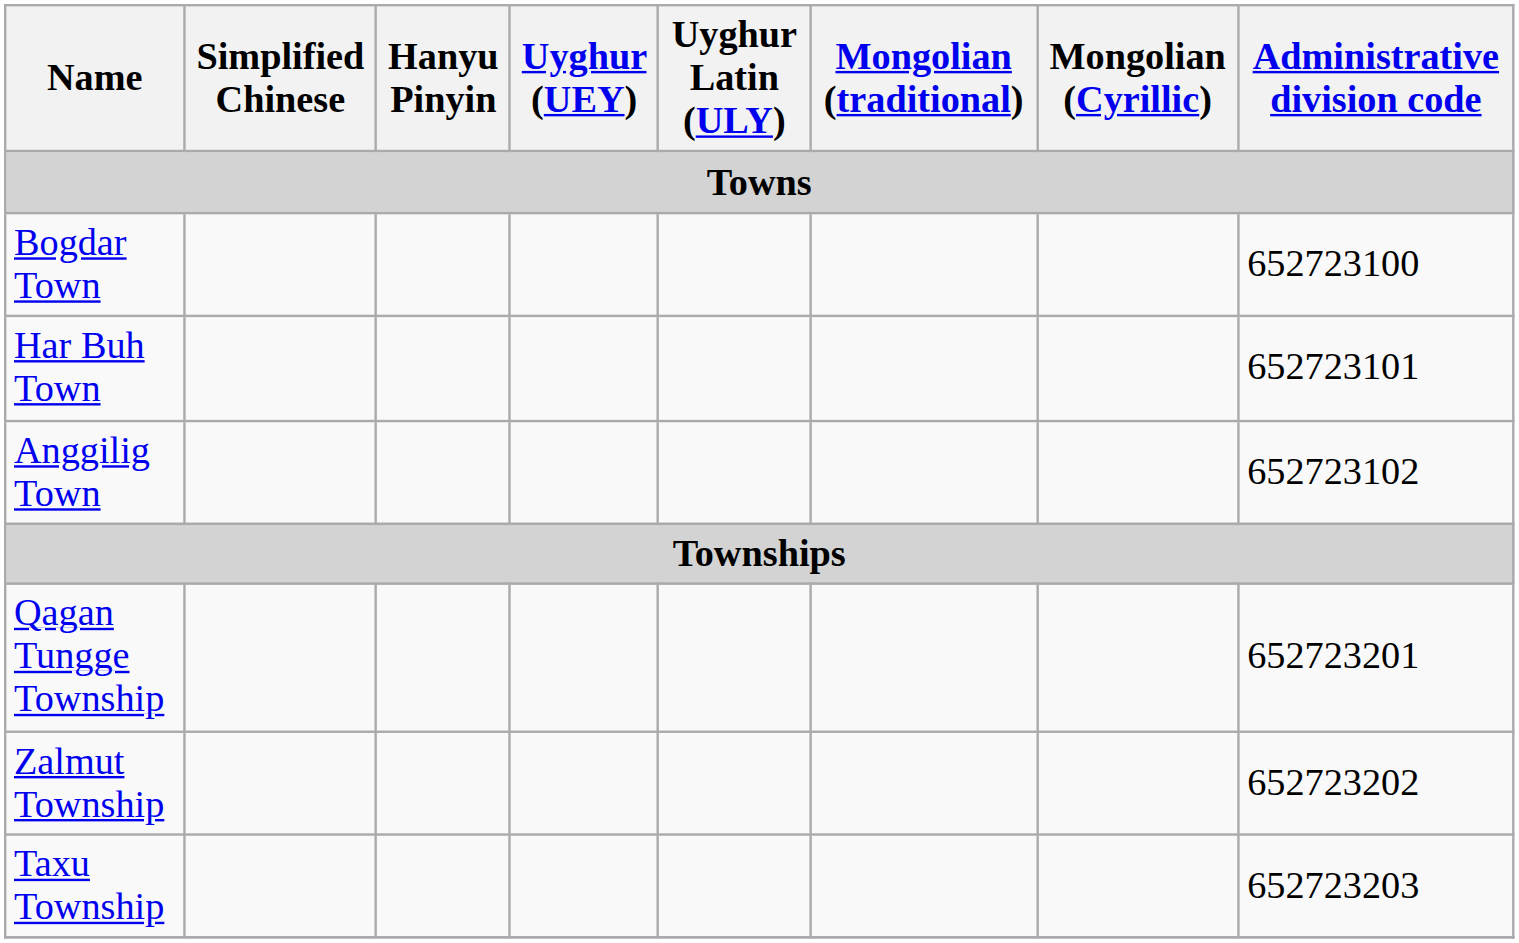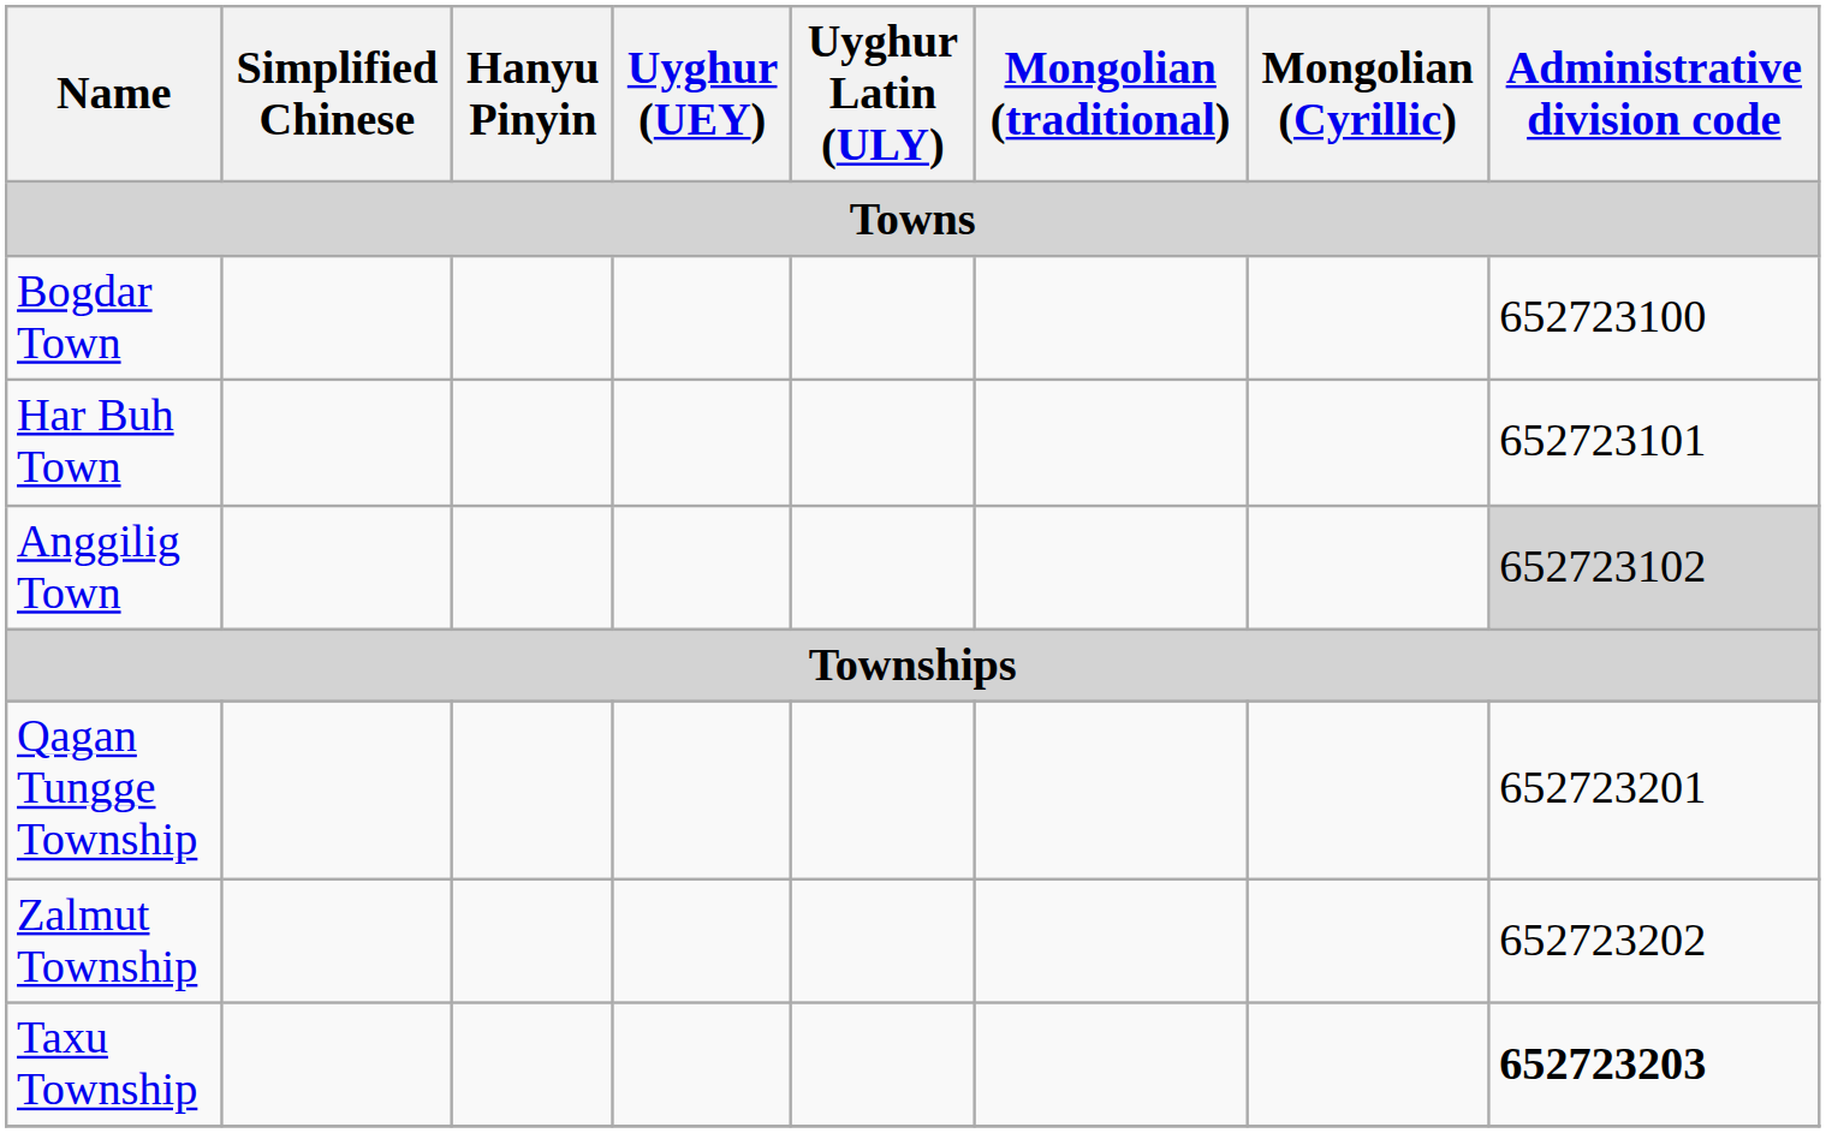 <table class="wikitable" align="center" style="width:50%; border="1">
 <tr>
 <th>Name</th>
 <th>Simplified Chinese</th>
 <th>Hanyu Pinyin</th>
 <th><a href='#'>Uyghur</a> (<a href='#'>UEY</a>)</th>
 <th>Uyghur Latin (<a href='#'>ULY</a>)</th>
 <th><a href='#'>Mongolian</a> (<a href='#'>traditional</a>)</th>
 <th>Mongolian (<a href='#'>Cyrillic</a>)</th>
 <th><a href='#'>Administrative division code</a></th>
 </tr>
 <tr>
 <td colspan="9"  style="text-align:center; background:#d3d3d3;"><strong>Towns</strong></td>
 </tr>
 <tr --------->
 <td><a href='#'>Bogdar Town</a></td>
 <td></td>
 <td></td>
 <td></td>
 <td></td>
 <td></td>
 <td></td>
 <td>652723100</td>
 </tr>
 <tr>
 <td><a href='#'>Har Buh Town</a></td>
 <td></td>
 <td></td>
 <td></td>
 <td></td>
 <td></td>
 <td></td>
 <td>652723101</td>
 </tr>
 <tr>
 <td><a href='#'>Anggilig Town</a></td>
 <td></td>
 <td></td>
 <td></td>
 <td></td>
 <td></td>
 <td></td>
-<td>652723102</td>
+<td style="background: lightgrey;">652723102</td>
 </tr>
 <tr>
 <td colspan="9"  style="text-align:center; background:#d3d3d3;"><strong>Townships</strong></td>
 </tr>
 <tr --------->
 <td><a href='#'>Qagan Tungge Township</a></td>
 <td></td>
 <td></td>
 <td></td>
 <td></td>
 <td></td>
 <td></td>
 <td>652723201</td>
 </tr>
 <tr>
 <td><a href='#'>Zalmut Township</a></td>
 <td></td>
 <td></td>
 <td></td>
 <td></td>
 <td></td>
 <td></td>
 <td>652723202</td>
 </tr>
 <tr>
 <td><a href='#'>Taxu Township</a></td>
 <td></td>
 <td></td>
 <td></td>
 <td></td>
 <td></td>
 <td></td>
-<td>652723203</td>
+<td><strong>652723203</strong></td>
 </tr>
 <tr>
 </tr>
 </table>
